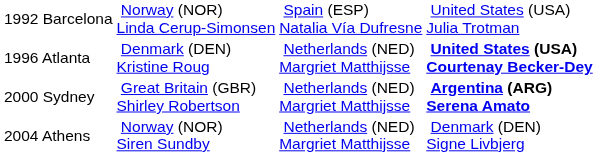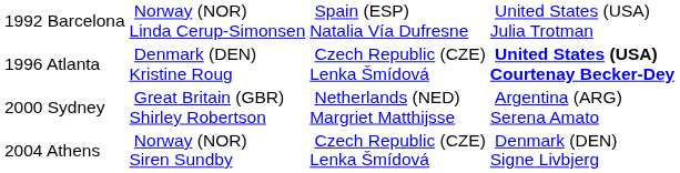 <table>
 <tr>
 <td style="align:center;">1992 Barcelona <br></td>
 <td style="vertical-align:top;"> <a href='#'>Norway</a> <span>(NOR)</span><br><a href='#'>Linda Cerup-Simonsen</a></td>
 <td style="vertical-align:top;"> <a href='#'>Spain</a> <span>(ESP)</span><br><a href='#'>Natalia Vía Dufresne</a></td>
 <td style="vertical-align:top;"> <a href='#'>United States</a> <span>(USA)</span><br><a href='#'>Julia Trotman</a></td>
 </tr>
 <tr>
 <td style="align:center;">1996 Atlanta <br></td>
 <td style="vertical-align:top;"> <a href='#'>Denmark</a> <span>(DEN)</span><br><a href='#'>Kristine Roug</a></td>
-<td style="vertical-align:top;"> <a href='#'>Netherlands</a> <span>(NED)</span><br><a href='#'>Margriet Matthijsse</a></td>
+<td style="vertical-align:top;"> <a href='#'>Czech Republic</a> <span>(CZE)</span><br><a href='#'>Lenka Šmídová</a></td>
 <td style="vertical-align:top;"><strong> <a href='#'>United States</a> <span>(USA)</span><br><a href='#'>Courtenay Becker-Dey</a></strong></td>
 </tr>
 <tr>
 <td style="align:center;">2000 Sydney <br></td>
 <td style="vertical-align:top;"> <a href='#'>Great Britain</a> <span>(GBR)</span><br><a href='#'>Shirley Robertson</a></td>
 <td style="vertical-align:top;"> <a href='#'>Netherlands</a> <span>(NED)</span><br><a href='#'>Margriet Matthijsse</a></td>
-<td style="vertical-align:top;"><strong> <a href='#'>Argentina</a> <span>(ARG)</span><br><a href='#'>Serena Amato</a></strong></td>
+<td style="vertical-align:top;"> <a href='#'>Argentina</a> <span>(ARG)</span><br><a href='#'>Serena Amato</a></td>
 </tr>
 <tr>
 <td style="align:center;">2004 Athens <br></td>
 <td style="vertical-align:top;"> <a href='#'>Norway</a> <span>(NOR)</span><br><a href='#'>Siren Sundby</a></td>
-<td style="vertical-align:top;"> <a href='#'>Netherlands</a> <span>(NED)</span><br><a href='#'>Margriet Matthijsse</a></td>
+<td style="vertical-align:top;"> <a href='#'>Czech Republic</a> <span>(CZE)</span><br><a href='#'>Lenka Šmídová</a></td>
 <td style="vertical-align:top;"> <a href='#'>Denmark</a> <span>(DEN)</span><br><a href='#'>Signe Livbjerg</a></td>
 </tr>
 </table>
